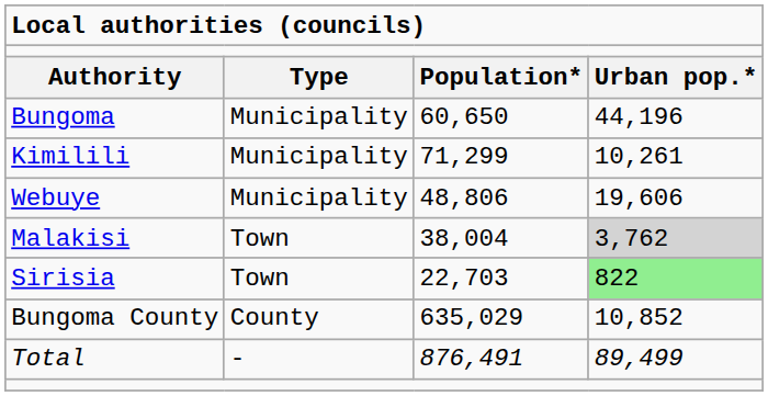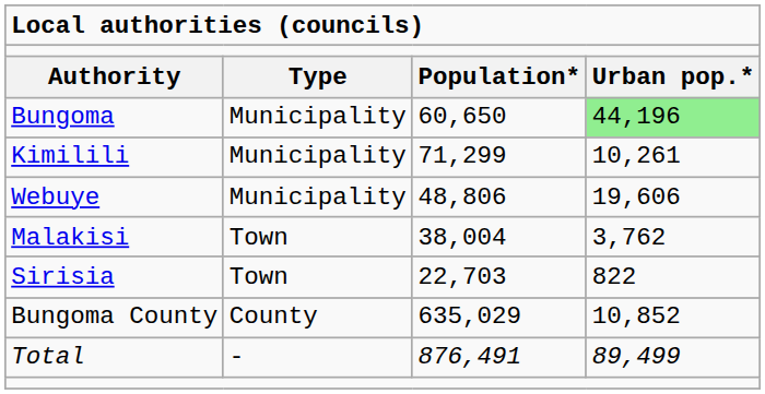 <table class="wikitable">
 <tr>
 <td colspan="4"><strong>Local authorities (councils)</strong></td>
 </tr>
 <tr>
 <td colspan="4"></td>
 </tr>
 <tr>
 <th>Authority</th>
 <th>Type</th>
 <th>Population*</th>
 <th>Urban pop.*</th>
 </tr>
 <tr>
 <td><a href='#'>Bungoma</a></td>
 <td>Municipality</td>
 <td>60,650</td>
-<td>44,196</td>
+<td style="background: lightgreen;">44,196</td>
 </tr>
 <tr>
 <td><a href='#'>Kimilili</a></td>
 <td>Municipality</td>
 <td>71,299</td>
 <td>10,261</td>
 </tr>
 <tr>
 <td><a href='#'>Webuye</a></td>
 <td>Municipality</td>
 <td>48,806</td>
 <td>19,606</td>
 </tr>
 <tr>
 <td><a href='#'>Malakisi</a></td>
 <td>Town</td>
 <td>38,004</td>
-<td style="background: lightgrey;">3,762</td>
+<td>3,762</td>
 </tr>
 <tr>
 <td><a href='#'>Sirisia</a></td>
 <td>Town</td>
 <td>22,703</td>
-<td style="background: lightgreen;">822</td>
+<td>822</td>
 </tr>
 <tr>
 <td>Bungoma County</td>
 <td>County</td>
 <td>635,029</td>
 <td>10,852</td>
 </tr>
 <tr>
 <td><em>Total</em></td>
 <td>-</td>
 <td><em>876,491</em></td>
 <td><em>89,499</em></td>
 </tr>
 <tr>
 <td colspan="4"></td>
 </tr>
 </table>
